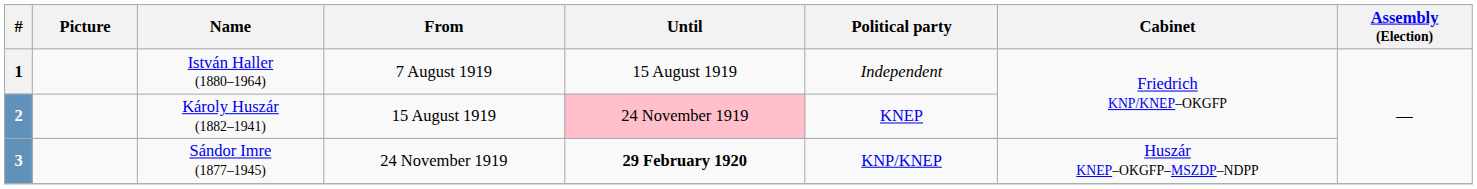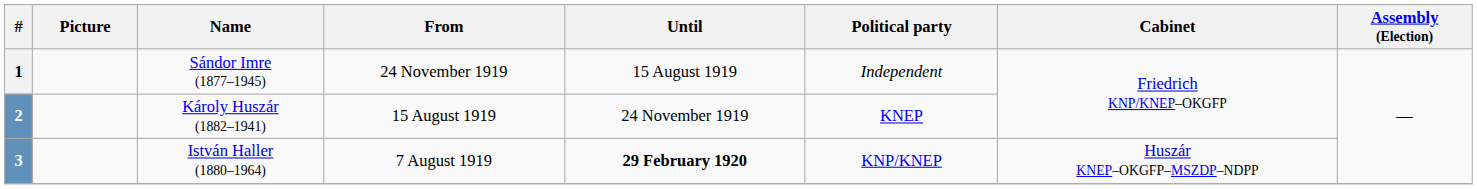 <table width=90% class="wikitable" style="text-align:center">
 <tr>
 <th>#</th>
 <th>Picture</th>
 <th>Name</th>
 <th>From</th>
 <th>Until</th>
 <th>Political party</th>
 <th>Cabinet</th>
 <th><a href='#'>Assembly</a><br><small>(Election)</small></th>
 </tr>
 <tr>
 <th style="background:">1</th>
 <td></td>
-<td><a href='#'>István Haller</a><br><small>(1880–1964)</small></td>
-<td>7 August 1919</td>
+<td><a href='#'>Sándor Imre</a><br><small>(1877–1945)</small></td>
+<td>24 November 1919</td>
 <td>15 August 1919</td>
 <td><em>Independent</em></td>
 <td rowspan="2"><a href='#'>Friedrich</a><br><small><a href='#'>KNP/KNEP</a>–OKGFP</small></td>
 <td rowspan="3">—</td>
 </tr>
 <tr>
 <th style="background-color:#6091BA; color:white">2</th>
 <td></td>
 <td><a href='#'>Károly Huszár</a><br><small>(1882–1941)</small></td>
 <td>15 August 1919</td>
-<td style="background: pink;">24 November 1919</td>
+<td>24 November 1919</td>
 <td><a href='#'>KNEP</a></td>
 </tr>
 <tr>
 <th style="background-color:#6091BA; color:white">3</th>
 <td></td>
-<td><a href='#'>Sándor Imre</a><br><small>(1877–1945)</small></td>
-<td>24 November 1919</td>
+<td><a href='#'>István Haller</a><br><small>(1880–1964)</small></td>
+<td>7 August 1919</td>
 <td><strong>29 February 1920</strong></td>
 <td><a href='#'>KNP/KNEP</a></td>
 <td><a href='#'>Huszár</a><br><small><a href='#'>KNEP</a>–OKGFP–<a href='#'>MSZDP</a>–NDPP</small></td>
 </tr>
 <tr>
 </tr>
 </table>
